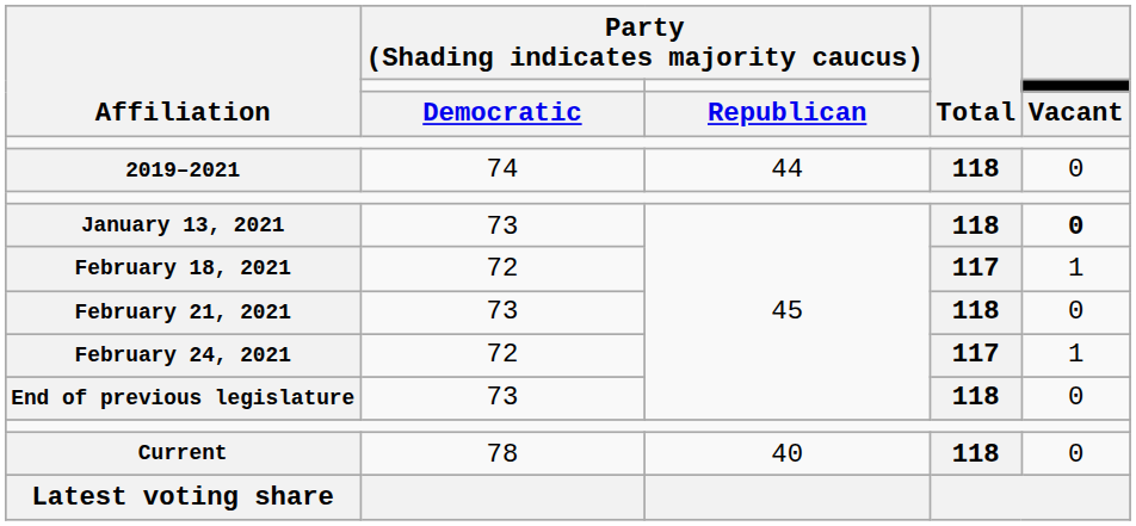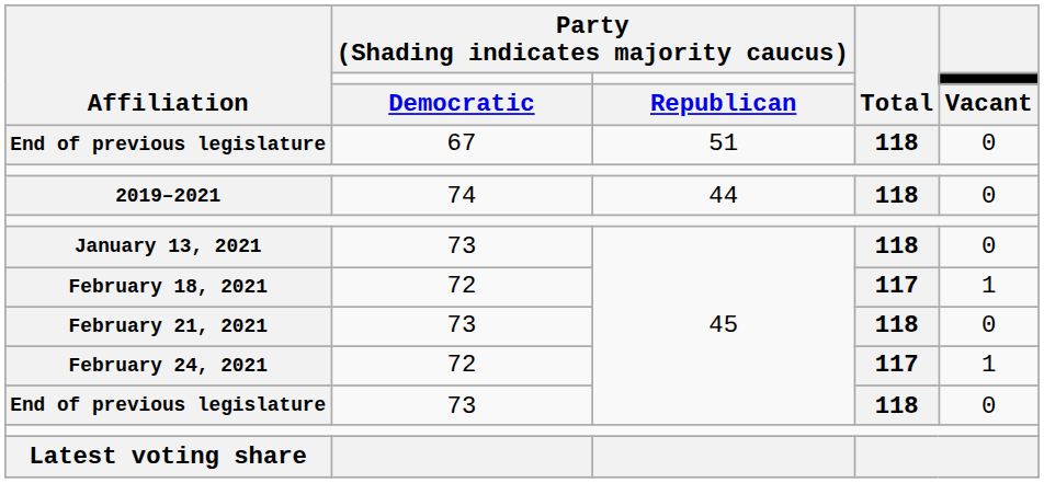 <table class=wikitable style="text-align:center">
 <tr valign=bottom>
 <th rowspan=3>Affiliation</th>
 <th colspan=2>Party <div>(Shading indicates majority caucus)</div></th>
 <th rowspan=3>Total</th>
 <th></th>
 </tr>
 <tr style="height:5px">
 <td style="background-color:"></td>
 <td style="background-color:"></td>
 <td style="background:black"></td>
 </tr>
 <tr>
 <th><a href='#'>Democratic</a></th>
 <th><a href='#'>Republican</a></th>
 <th>Vacant</th>
+</tr>
+<tr>
+<th nowrap style="font-size:80%">End of previous legislature</th>
+<td>67</td>
+<td>51</td>
+<th>118</th>
+<td>0</td>
 </tr>
 <tr>
 <td colspan=5></td>
 </tr>
 <tr>
 <th nowrap style="font-size:80%">2019–2021</th>
 <td>74</td>
 <td>44</td>
 <th>118</th>
 <td>0</td>
 </tr>
 <tr>
 <td colspan=5></td>
 </tr>
 <tr>
 <th nowrap style="font-size:80%">January 13, 2021</th>
 <td>73</td>
 <td rowspan=5>45</td>
 <th>118</th>
-<td><strong>0</strong></td>
+<td>0</td>
 </tr>
 <tr>
 <th nowrap style="font-size:80%">February 18, 2021</th>
 <td>72</td>
 <th>117</th>
 <td>1</td>
 </tr>
 <tr>
 <th nowrap style="font-size:80%">February 21, 2021</th>
 <td>73</td>
 <th>118</th>
 <td>0</td>
 </tr>
 <tr>
 <th nowrap style="font-size:80%">February 24, 2021</th>
 <td>72</td>
 <th>117</th>
 <td>1</td>
 </tr>
 <tr>
 <th nowrap style="font-size:80%">End of previous legislature</th>
 <td>73</td>
 <th>118</th>
 <td>0</td>
 </tr>
 <tr>
 <td colspan=5></td>
 </tr>
 <tr>
-<th nowrap style="font-size:80%">Current</th>
-<td>78</td>
-<td>40</td>
-<th>118</th>
-<td>0</td>
-</tr>
-<tr>
 <th>Latest voting share</th>
 <th></th>
 <th></th>
 <th colspan=2></th>
 </tr>
 </table>
